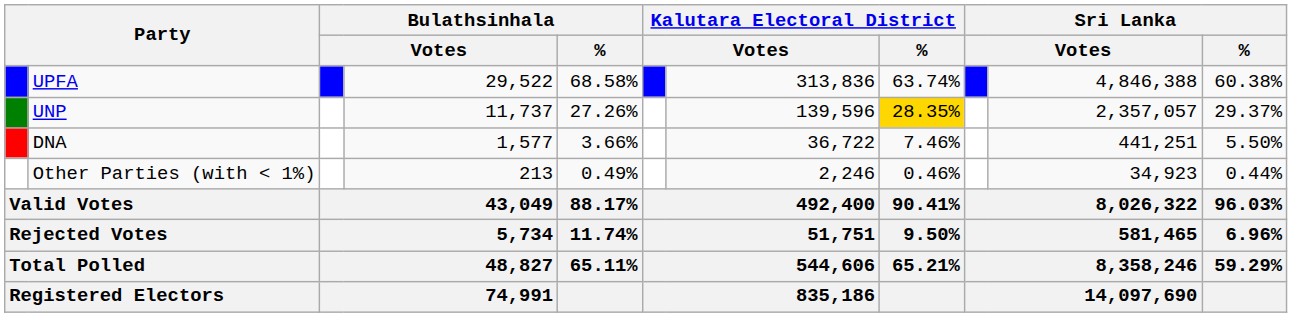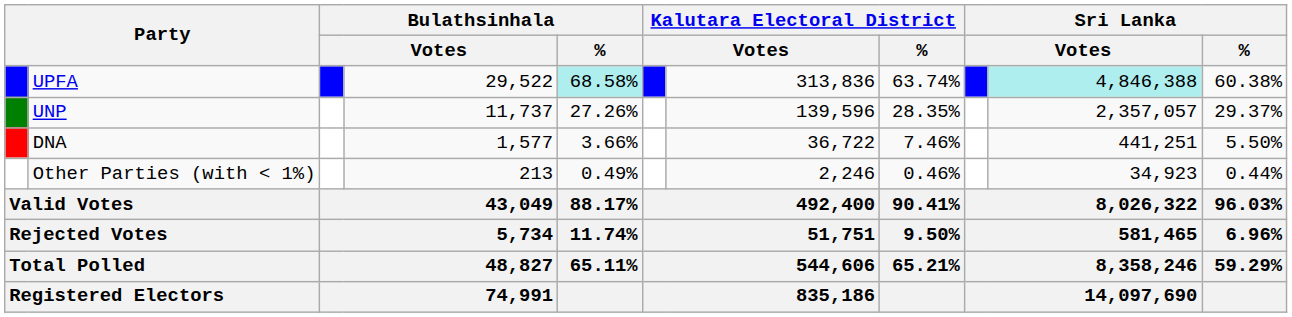 <table class="wikitable">
 <tr>
 <th colspan="2" width="144px"rowspan="2">Party</th>
 <th colspan="3" width="216px">Bulathsinhala</th>
 <th colspan="3" width="216px"><a href='#'>Kalutara Electoral District</a></th>
 <th colspan="3" width="216px">Sri Lanka</th>
 </tr>
 <tr>
 <th colspan="2" width="144px">Votes</th>
 <th>%</th>
 <th colspan="2" width="144px">Votes</th>
 <th>%</th>
 <th colspan="2" width="144px">Votes</th>
 <th>%</th>
 </tr>
 <tr>
 <td style="background-color:blue;" width="10px"></td>
 <td style="text-align:left;"><a href='#'>UPFA</a></td>
 <td style="background-color:blue;" width="10px"></td>
 <td style="text-align:right;">29,522</td>
-<td style="text-align:right;">68.58%</td>
+<td style="background: paleturquoise; text-align:right;">68.58%</td>
 <td style="background-color:blue;" width="10px"></td>
 <td style="text-align:right;">313,836</td>
 <td style="text-align:right;">63.74%</td>
 <td style="background-color:blue;" width="10px"></td>
-<td style="text-align:right;">4,846,388</td>
+<td style="background: paleturquoise; text-align:right;">4,846,388</td>
 <td style="text-align:right;">60.38%</td>
 </tr>
 <tr>
 <td style="background-color:green;" width="10px"></td>
 <td style="text-align:left;"><a href='#'>UNP</a></td>
 <td style="background-color:white;" width="10px"></td>
 <td style="text-align:right;">11,737</td>
 <td style="text-align:right;">27.26%</td>
 <td style="background-color:white;" width="10px"></td>
 <td style="text-align:right;">139,596</td>
-<td style="background: gold; text-align:right;">28.35%</td>
+<td style="text-align:right;">28.35%</td>
 <td style="background-color:white;" width="10px"></td>
 <td style="text-align:right;">2,357,057</td>
 <td style="text-align:right;">29.37%</td>
 </tr>
 <tr>
 <td style="background-color:red;" width="10px"></td>
 <td style="text-align:left;">DNA</td>
 <td style="background-color:white;" width="10px"></td>
 <td style="text-align:right;">1,577</td>
 <td style="text-align:right;">3.66%</td>
 <td style="background-color:white;" width="10px"></td>
 <td style="text-align:right;">36,722</td>
 <td style="text-align:right;">7.46%</td>
 <td style="background-color:white;" width="10px"></td>
 <td style="text-align:right;">441,251</td>
 <td style="text-align:right;">5.50%</td>
 </tr>
 <tr>
 <td style="background-color:white;" width="10px"></td>
 <td style="text-align:left;">Other Parties (with < 1%)</td>
 <td style="background-color:white;" width="10px"></td>
 <td style="text-align:right;">213</td>
 <td style="text-align:right;">0.49%</td>
 <td style="background-color:white;" width="10px"></td>
 <td style="text-align:right;">2,246</td>
 <td style="text-align:right;">0.46%</td>
 <td style="background-color:white;" width="10px"></td>
 <td style="text-align:right;">34,923</td>
 <td style="text-align:right;">0.44%</td>
 </tr>
 <tr>
 <th colspan="2" width="144px"style="text-align:left;">Valid Votes</th>
 <th style="text-align:right;"colspan="2" width="144px">43,049</th>
 <th style="text-align:right;">88.17%</th>
 <th style="text-align:right;"colspan="2" width="144px">492,400</th>
 <th style="text-align:right;">90.41%</th>
 <th style="text-align:right;"colspan="2" width="144px">8,026,322</th>
 <th style="text-align:right;">96.03%</th>
 </tr>
 <tr>
 <th colspan="2" width="144px"style="text-align:left;">Rejected Votes</th>
 <th style="text-align:right;"colspan="2" width="144px">5,734</th>
 <th style="text-align:right;">11.74%</th>
 <th style="text-align:right;"colspan="2" width="144px">51,751</th>
 <th style="text-align:right;">9.50%</th>
 <th style="text-align:right;"colspan="2" width="144px">581,465</th>
 <th style="text-align:right;">6.96%</th>
 </tr>
 <tr>
 <th colspan="2" width="144px"style="text-align:left;">Total Polled</th>
 <th style="text-align:right;"colspan="2" width="144px">48,827</th>
 <th style="text-align:right;">65.11%</th>
 <th style="text-align:right;"colspan="2" width="144px">544,606</th>
 <th style="text-align:right;">65.21%</th>
 <th style="text-align:right;"colspan="2" width="144px">8,358,246</th>
 <th style="text-align:right;">59.29%</th>
 </tr>
 <tr>
 <th colspan="2" width="144px"style="text-align:left;">Registered Electors</th>
 <th style="text-align:right;"colspan="2" width="144px">74,991</th>
 <th></th>
 <th style="text-align:right;"colspan="2" width="144px">835,186</th>
 <th></th>
 <th style="text-align:right;"colspan="2" width="144px">14,097,690</th>
 <th></th>
 </tr>
 </table>
